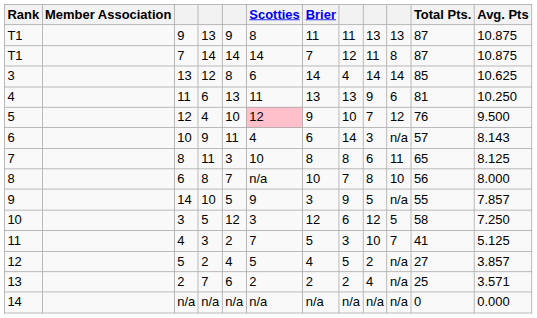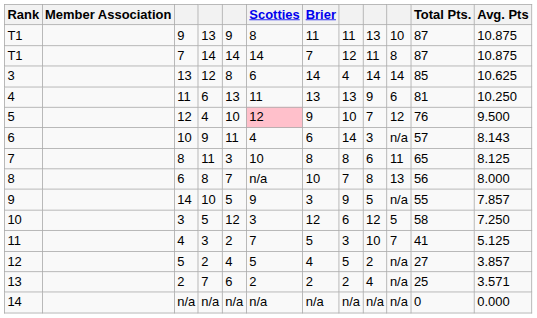 <table class="wikitable">
 <tr>
 <th>Rank</th>
 <th>Member Association</th>
 <th></th>
 <th></th>
 <th></th>
 <th><a href='#'>Scotties</a></th>
 <th><a href='#'>Brier</a></th>
 <th></th>
 <th></th>
 <th></th>
 <th>Total Pts.</th>
 <th>Avg. Pts</th>
 </tr>
 <tr>
 <td>T1</td>
 <td><strong></strong></td>
 <td>9</td>
 <td>13</td>
 <td>9</td>
 <td>8</td>
 <td>11</td>
 <td>11</td>
 <td>13</td>
-<td>13</td>
+<td>10</td>
 <td>87</td>
 <td>10.875</td>
 </tr>
 <tr>
 <td>T1</td>
 <td><strong></strong></td>
 <td>7</td>
 <td>14</td>
 <td>14</td>
 <td>14</td>
 <td>7</td>
 <td>12</td>
 <td>11</td>
 <td>8</td>
 <td>87</td>
 <td>10.875</td>
 </tr>
 <tr>
 <td>3</td>
 <td></td>
 <td>13</td>
 <td>12</td>
 <td>8</td>
 <td>6</td>
 <td>14</td>
 <td>4</td>
 <td>14</td>
 <td>14</td>
 <td>85</td>
 <td>10.625</td>
 </tr>
 <tr>
 <td>4</td>
 <td></td>
 <td>11</td>
 <td>6</td>
 <td>13</td>
 <td>11</td>
 <td>13</td>
 <td>13</td>
 <td>9</td>
 <td>6</td>
 <td>81</td>
 <td>10.250</td>
 </tr>
 <tr>
 <td>5</td>
 <td></td>
 <td>12</td>
 <td>4</td>
 <td>10</td>
 <td style="background: pink;">12</td>
 <td>9</td>
 <td>10</td>
 <td>7</td>
 <td>12</td>
 <td>76</td>
 <td>9.500</td>
 </tr>
 <tr>
 <td>6</td>
 <td></td>
 <td>10</td>
 <td>9</td>
 <td>11</td>
 <td>4</td>
 <td>6</td>
 <td>14</td>
 <td>3</td>
 <td>n/a</td>
 <td>57</td>
 <td>8.143</td>
 </tr>
 <tr>
 <td>7</td>
 <td></td>
 <td>8</td>
 <td>11</td>
 <td>3</td>
 <td>10</td>
 <td>8</td>
 <td>8</td>
 <td>6</td>
 <td>11</td>
 <td>65</td>
 <td>8.125</td>
 </tr>
 <tr>
 <td>8</td>
 <td></td>
 <td>6</td>
 <td>8</td>
 <td>7</td>
 <td>n/a</td>
 <td>10</td>
 <td>7</td>
 <td>8</td>
-<td>10</td>
+<td>13</td>
 <td>56</td>
 <td>8.000</td>
 </tr>
 <tr>
 <td>9</td>
 <td></td>
 <td>14</td>
 <td>10</td>
 <td>5</td>
 <td>9</td>
 <td>3</td>
 <td>9</td>
 <td>5</td>
 <td>n/a</td>
 <td>55</td>
 <td>7.857</td>
 </tr>
 <tr>
 <td>10</td>
 <td></td>
 <td>3</td>
 <td>5</td>
 <td>12</td>
 <td>3</td>
 <td>12</td>
 <td>6</td>
 <td>12</td>
 <td>5</td>
 <td>58</td>
 <td>7.250</td>
 </tr>
 <tr>
 <td>11</td>
 <td></td>
 <td>4</td>
 <td>3</td>
 <td>2</td>
 <td>7</td>
 <td>5</td>
 <td>3</td>
 <td>10</td>
 <td>7</td>
 <td>41</td>
 <td>5.125</td>
 </tr>
 <tr>
 <td>12</td>
 <td></td>
 <td>5</td>
 <td>2</td>
 <td>4</td>
 <td>5</td>
 <td>4</td>
 <td>5</td>
 <td>2</td>
 <td>n/a</td>
 <td>27</td>
 <td>3.857</td>
 </tr>
 <tr>
 <td>13</td>
 <td></td>
 <td>2</td>
 <td>7</td>
 <td>6</td>
 <td>2</td>
 <td>2</td>
 <td>2</td>
 <td>4</td>
 <td>n/a</td>
 <td>25</td>
 <td>3.571</td>
 </tr>
 <tr>
 <td>14</td>
 <td></td>
 <td>n/a</td>
 <td>n/a</td>
 <td>n/a</td>
 <td>n/a</td>
 <td>n/a</td>
 <td>n/a</td>
 <td>n/a</td>
 <td>n/a</td>
 <td>0</td>
 <td>0.000</td>
 </tr>
 </table>
